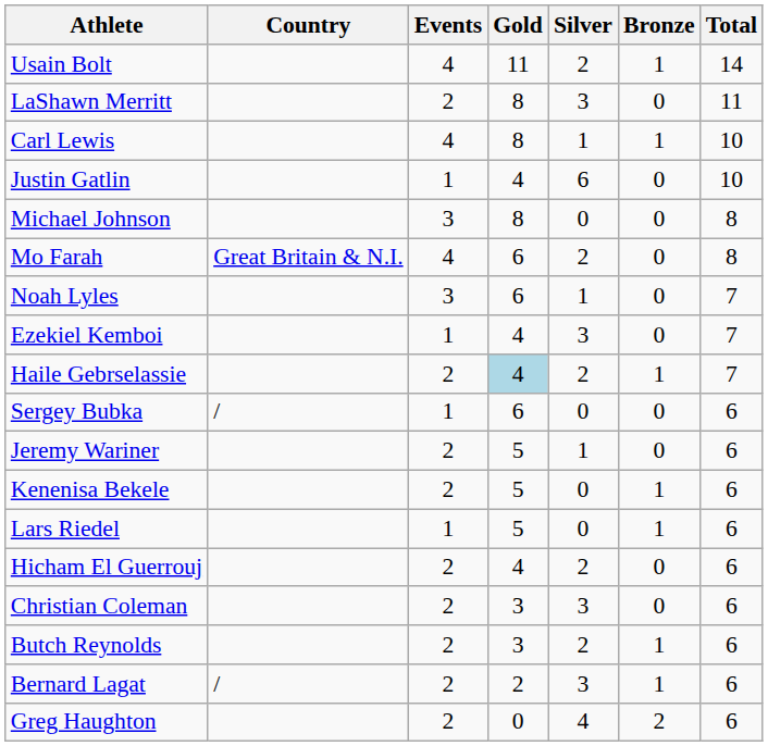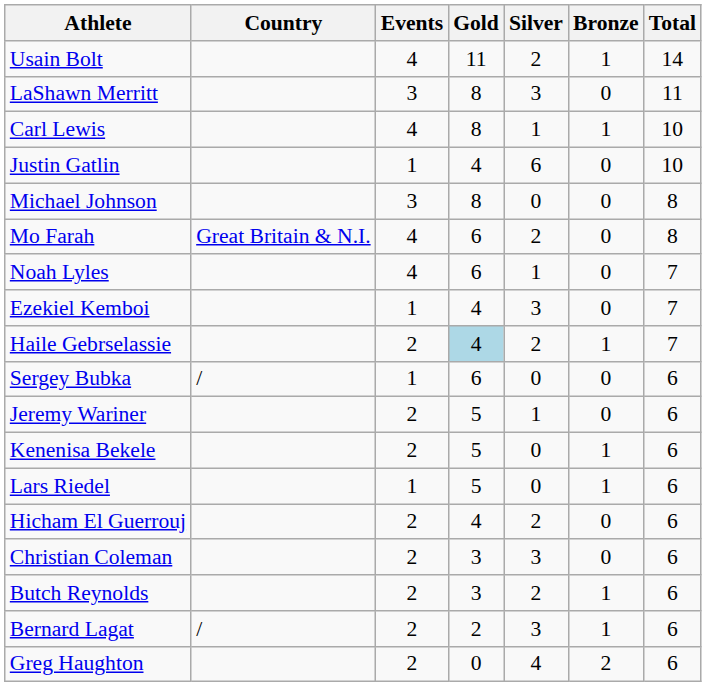 <table class="wikitable sortable" style="text-align:center; font-size:90%;">
 <tr>
 <th>Athlete</th>
 <th>Country</th>
 <th>Events</th>
 <th>Gold</th>
 <th>Silver</th>
 <th>Bronze</th>
 <th>Total</th>
 </tr>
 <tr>
 <td align=left><a href='#'>Usain Bolt</a></td>
 <td align=left></td>
 <td>4</td>
 <td>11</td>
 <td>2</td>
 <td>1</td>
 <td>14</td>
 </tr>
 <tr>
 <td align=left><a href='#'>LaShawn Merritt</a></td>
 <td align=left></td>
-<td>2</td>
+<td>3</td>
 <td>8</td>
 <td>3</td>
 <td>0</td>
 <td>11</td>
 </tr>
 <tr>
 <td align=left><a href='#'>Carl Lewis</a></td>
 <td align=left></td>
 <td>4</td>
 <td>8</td>
 <td>1</td>
 <td>1</td>
 <td>10</td>
 </tr>
 <tr>
 <td align=left><a href='#'>Justin Gatlin</a></td>
 <td align=left></td>
 <td>1</td>
 <td>4</td>
 <td>6</td>
 <td>0</td>
 <td>10</td>
 </tr>
 <tr>
 <td align=left><a href='#'>Michael Johnson</a></td>
 <td align=left></td>
 <td>3</td>
 <td>8</td>
 <td>0</td>
 <td>0</td>
 <td>8</td>
 </tr>
 <tr>
 <td align=left><a href='#'>Mo Farah</a></td>
 <td align=left> <a href='#'>Great Britain & N.I.</a></td>
 <td>4</td>
 <td>6</td>
 <td>2</td>
 <td>0</td>
 <td>8</td>
 </tr>
 <tr>
 <td align=left><a href='#'>Noah Lyles</a></td>
 <td align=left></td>
-<td>3</td>
+<td>4</td>
 <td>6</td>
 <td>1</td>
 <td>0</td>
 <td>7</td>
 </tr>
 <tr>
 <td align=left><a href='#'>Ezekiel Kemboi</a></td>
 <td align=left></td>
 <td>1</td>
 <td>4</td>
 <td>3</td>
 <td>0</td>
 <td>7</td>
 </tr>
 <tr>
 <td align=left><a href='#'>Haile Gebrselassie</a></td>
 <td align=left></td>
 <td>2</td>
 <td style="background: lightblue;">4</td>
 <td>2</td>
 <td>1</td>
 <td>7</td>
 </tr>
 <tr>
 <td align=left><a href='#'>Sergey Bubka</a></td>
 <td align=left> /<br> </td>
 <td>1</td>
 <td>6</td>
 <td>0</td>
 <td>0</td>
 <td>6</td>
 </tr>
 <tr>
 <td align=left><a href='#'>Jeremy Wariner</a></td>
 <td align=left></td>
 <td>2</td>
 <td>5</td>
 <td>1</td>
 <td>0</td>
 <td>6</td>
 </tr>
 <tr>
 <td align=left><a href='#'>Kenenisa Bekele</a></td>
 <td align=left></td>
 <td>2</td>
 <td>5</td>
 <td>0</td>
 <td>1</td>
 <td>6</td>
 </tr>
 <tr>
 <td align=left><a href='#'>Lars Riedel</a></td>
 <td align=left></td>
 <td>1</td>
 <td>5</td>
 <td>0</td>
 <td>1</td>
 <td>6</td>
 </tr>
 <tr>
 <td align=left><a href='#'>Hicham El Guerrouj</a></td>
 <td align=left></td>
 <td>2</td>
 <td>4</td>
 <td>2</td>
 <td>0</td>
 <td>6</td>
 </tr>
 <tr>
 <td align=left><a href='#'>Christian Coleman</a></td>
 <td align=left></td>
 <td>2</td>
 <td>3</td>
 <td>3</td>
 <td>0</td>
 <td>6</td>
 </tr>
 <tr>
 <td align=left><a href='#'>Butch Reynolds</a></td>
 <td align=left></td>
 <td>2</td>
 <td>3</td>
 <td>2</td>
 <td>1</td>
 <td>6</td>
 </tr>
 <tr>
 <td align=left><a href='#'>Bernard Lagat</a></td>
 <td align=left> /<br> </td>
 <td>2</td>
 <td>2</td>
 <td>3</td>
 <td>1</td>
 <td>6</td>
 </tr>
 <tr>
 <td align=left><a href='#'>Greg Haughton</a></td>
 <td align=left></td>
 <td>2</td>
 <td>0</td>
 <td>4</td>
 <td>2</td>
 <td>6</td>
 </tr>
 </table>
